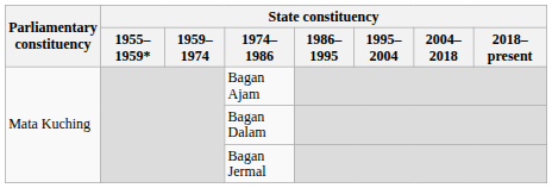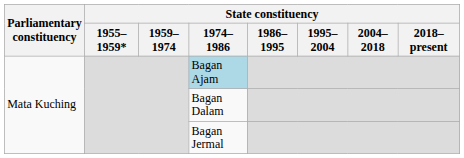 <table class="wikitable">
 <tr>
 <th rowspan="2">Parliamentary<br>constituency</th>
 <th colspan="7">State constituency</th>
 </tr>
 <tr>
 <th>1955–1959*</th>
 <th>1959–1974</th>
 <th>1974–1986</th>
 <th>1986–1995</th>
 <th>1995–2004</th>
 <th>2004–2018</th>
 <th>2018–present</th>
 </tr>
 <tr>
 <td rowspan="3">Mata Kuching</td>
 <td colspan="2" rowspan="3" bgcolor="dcdcdc"></td>
-<td>Bagan Ajam</td>
+<td style="background: lightblue;">Bagan Ajam</td>
 <td colspan="4" bgcolor="dcdcdc"></td>
 </tr>
 <tr>
 <td>Bagan Dalam</td>
 <td colspan="4" bgcolor="dcdcdc"></td>
 </tr>
 <tr>
 <td>Bagan Jermal</td>
 <td colspan="4" bgcolor="dcdcdc"></td>
 </tr>
 </table>
